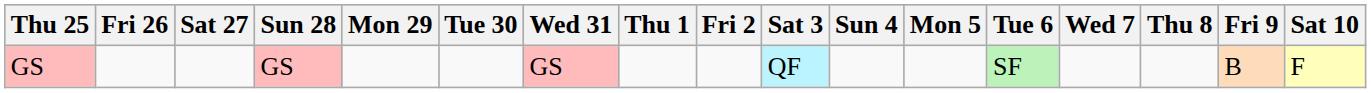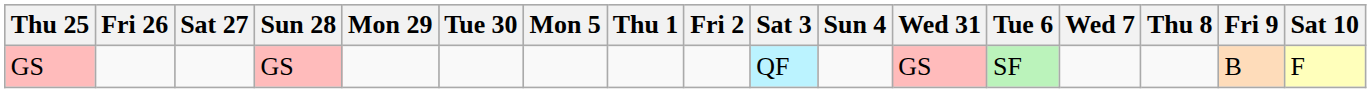 <table class="wikitable olympic-schedule football">
 <tr>
 <th>Thu 25</th>
 <th>Fri 26</th>
 <th>Sat 27</th>
 <th>Sun 28</th>
 <th>Mon 29</th>
 <th>Tue 30</th>
-<th>Wed 31</th>
+<th>Mon 5</th>
 <th>Thu 1</th>
 <th>Fri 2</th>
 <th>Sat 3</th>
 <th>Sun 4</th>
-<th>Mon 5</th>
+<th>Wed 31</th>
 <th>Tue 6</th>
 <th>Wed 7</th>
 <th>Thu 8</th>
 <th>Fri 9</th>
 <th>Sat 10</th>
 </tr>
 <tr>
 <td bgcolor="#FFBBBB">GS</td>
 <td></td>
 <td></td>
 <td bgcolor="#FFBBBB">GS</td>
 <td></td>
 <td></td>
-<td bgcolor="#FFBBBB">GS</td>
+<td></td>
 <td></td>
 <td></td>
 <td bgcolor="#BBF3FF">QF</td>
 <td></td>
-<td></td>
+<td bgcolor="#FFBBBB">GS</td>
 <td bgcolor="#BBF3BB">SF</td>
 <td></td>
 <td></td>
 <td bgcolor="#FEDCBA">B</td>
 <td bgcolor="#FFFFBB">F</td>
 </tr>
 </table>
